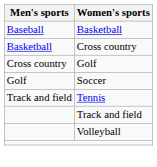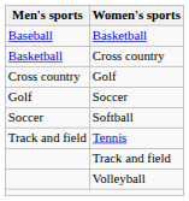 <table class="wikitable" style=" ">
 <tr>
 <th width=px>Men's sports</th>
 <th width=px>Women's sports</th>
 </tr>
 <tr>
 <td><a href='#'>Baseball</a></td>
 <td><a href='#'>Basketball</a></td>
 </tr>
 <tr>
 <td><a href='#'>Basketball</a></td>
 <td>Cross country</td>
 </tr>
 <tr>
 <td>Cross country</td>
 <td>Golf</td>
 </tr>
 <tr>
 <td>Golf</td>
 <td>Soccer</td>
 </tr>
 <tr>
+<td>Soccer</td>
+<td>Softball</td>
+</tr>
+<tr>
 <td>Track and field</td>
 <td><a href='#'>Tennis</a></td>
 </tr>
 <tr>
 <td></td>
 <td>Track and field</td>
 </tr>
 <tr>
 <td></td>
 <td>Volleyball</td>
 </tr>
 <tr>
 <td colspan="2"></td>
 </tr>
 </table>
